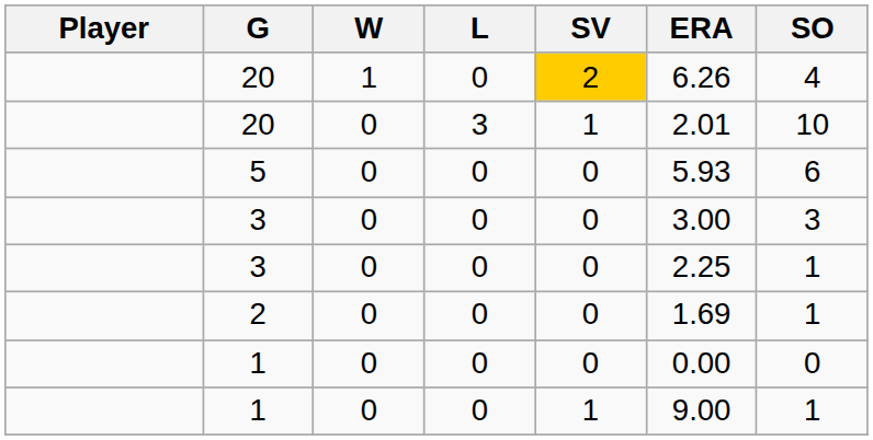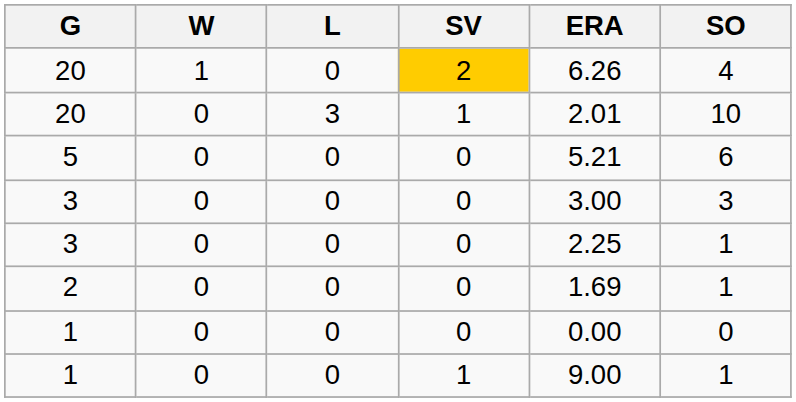 <table class="wikitable sortable">
 <tr>
-<th bgcolor="#DDDDFF" width="16%">Player</th>
 <th bgcolor="#DDDDFF" width="9%">G</th>
 <th bgcolor="#DDDDFF" width="9%">W</th>
 <th bgcolor="#DDDDFF" width="9%">L</th>
 <th bgcolor="#DDDDFF" width="9%">SV</th>
 <th bgcolor="#DDDDFF" width="9%">ERA</th>
 <th bgcolor="#DDDDFF" width="9%">SO</th>
 </tr>
 <tr align="center">
-<td></td>
 <td>20</td>
 <td>1</td>
 <td>0</td>
 <td style="background:#fc0;">2</td>
 <td>6.26</td>
 <td>4</td>
 </tr>
 <tr align=center>
-<td></td>
 <td>20</td>
 <td>0</td>
 <td>3</td>
 <td>1</td>
 <td>2.01</td>
 <td>10</td>
 </tr>
 <tr align="center">
-<td></td>
 <td>5</td>
 <td>0</td>
 <td>0</td>
 <td>0</td>
-<td>5.93</td>
+<td>5.21</td>
 <td>6</td>
 </tr>
 <tr align="center">
-<td></td>
 <td>3</td>
 <td>0</td>
 <td>0</td>
 <td>0</td>
 <td>3.00</td>
 <td>3</td>
 </tr>
 <tr align="center">
-<td></td>
 <td>3</td>
 <td>0</td>
 <td>0</td>
 <td>0</td>
 <td>2.25</td>
 <td>1</td>
 </tr>
 <tr align="center">
-<td></td>
 <td>2</td>
 <td>0</td>
 <td>0</td>
 <td>0</td>
 <td>1.69</td>
 <td>1</td>
 </tr>
 <tr align="center">
-<td></td>
 <td>1</td>
 <td>0</td>
 <td>0</td>
 <td>0</td>
 <td>0.00</td>
 <td>0</td>
 </tr>
 <tr align="center">
-<td></td>
 <td>1</td>
 <td>0</td>
 <td>0</td>
 <td>1</td>
 <td>9.00</td>
 <td>1</td>
 </tr>
 </table>
